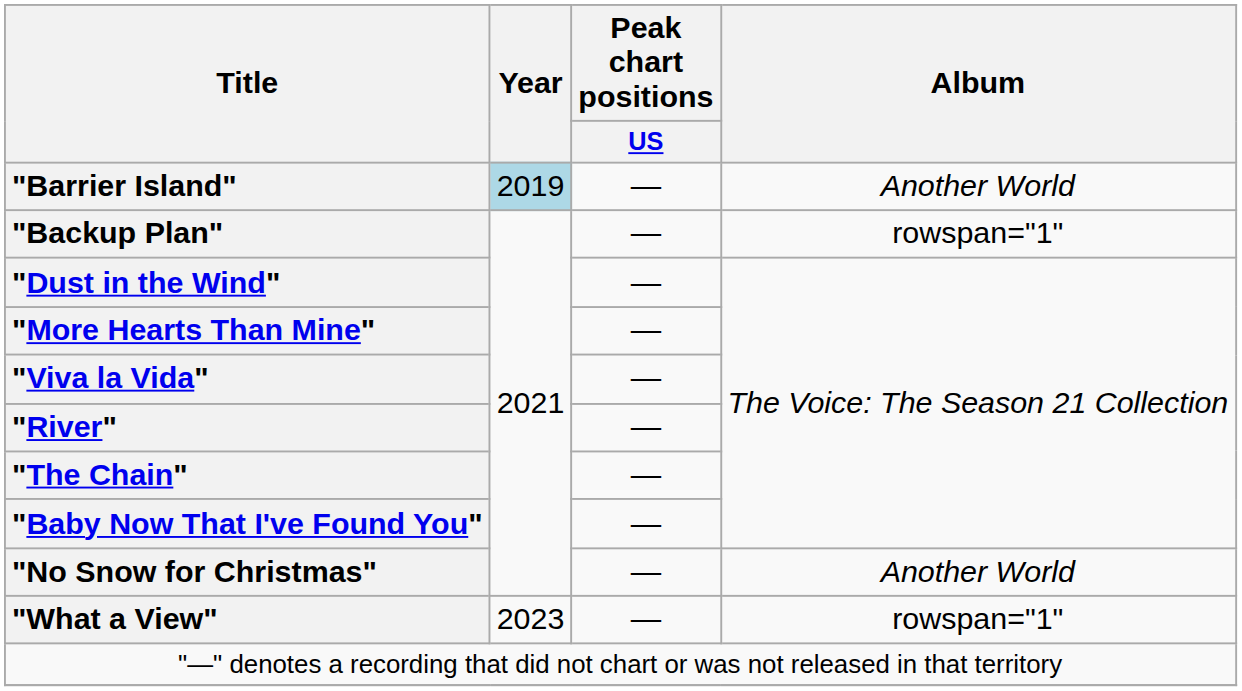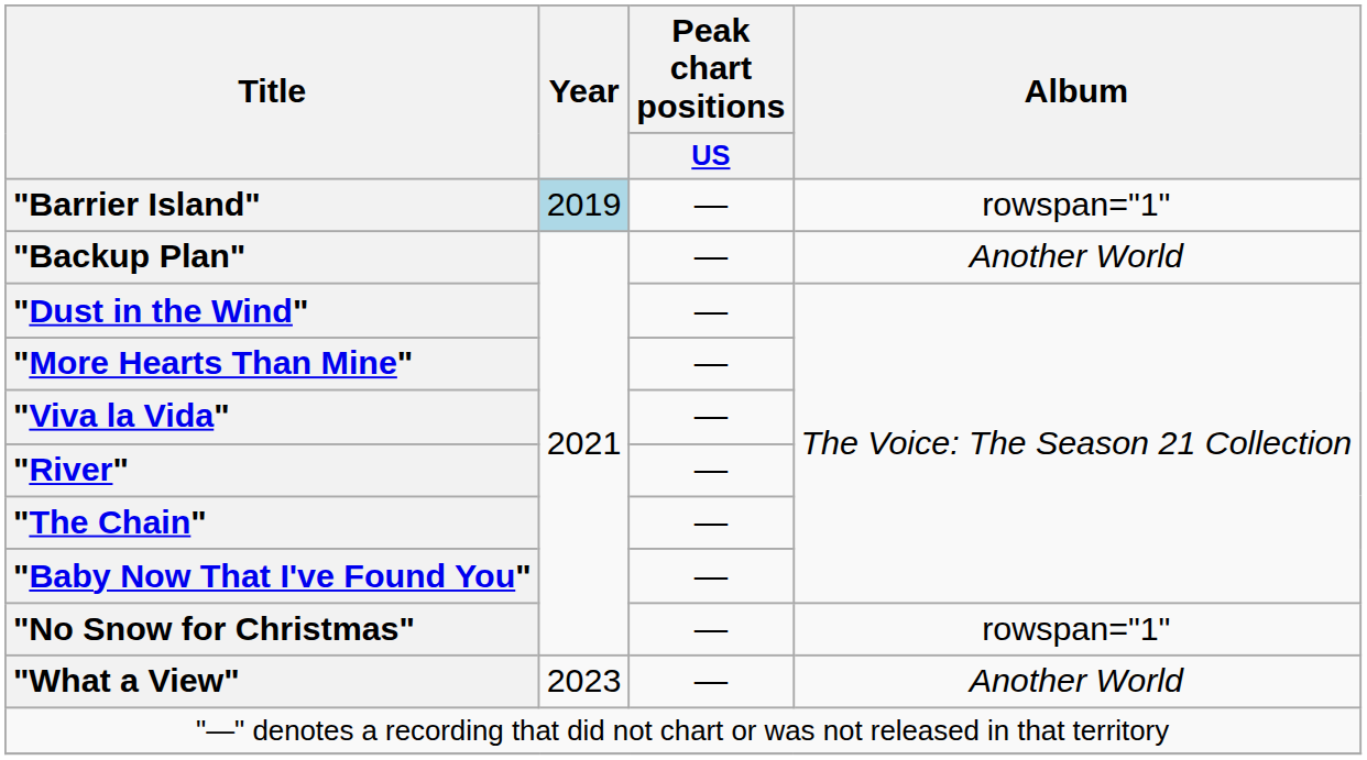 <table class="wikitable plainrowheaders" style="text-align:center;">
 <tr>
 <th rowspan="2" scope="col">Title</th>
 <th rowspan="2" scope="col">Year</th>
 <th scope="col">Peak chart positions</th>
 <th rowspan="2" scope="col">Album</th>
 </tr>
 <tr style="font-size:smaller;">
 <th style="width:50px;"><a href='#'>US</a></th>
 </tr>
 <tr>
 <th scope="row"; style="text-align:left;">"Barrier Island"</th>
 <td style="background: lightblue;">2019</td>
 <td>—</td>
-<td><em>Another World</em></td>
+<td>rowspan="1" </td>
 </tr>
 <tr>
 <th scope="row"; style="text-align:left;">"Backup Plan"</th>
 <td rowspan="8">2021</td>
 <td>—</td>
-<td>rowspan="1" </td>
+<td><em>Another World</em></td>
 </tr>
 <tr>
 <th scope="row"; style="text-align:left;">"<a href='#'>Dust in the Wind</a>"</th>
 <td>—</td>
 <td rowspan="6"><em>The Voice: The Season 21 Collection</em></td>
 </tr>
 <tr>
 <th scope="row"; style="text-align:left;">"<a href='#'>More Hearts Than Mine</a>"</th>
 <td>—</td>
 </tr>
 <tr>
 <th scope="row"; style="text-align:left;">"<a href='#'>Viva la Vida</a>"</th>
 <td>—</td>
 </tr>
 <tr>
 <th scope="row"; style="text-align:left;">"<a href='#'>River</a>"</th>
 <td>—</td>
 </tr>
 <tr>
 <th scope="row"; style="text-align:left;">"<a href='#'>The Chain</a>"</th>
 <td>—</td>
 </tr>
 <tr>
 <th scope="row"; style="text-align:left;">"<a href='#'>Baby Now That I've Found You</a>"</th>
 <td>—</td>
 </tr>
 <tr>
 <th scope="row"; style="text-align:left;">"No Snow for Christmas"</th>
 <td>—</td>
-<td><em>Another World</em></td>
+<td>rowspan="1" </td>
 </tr>
 <tr>
 <th scope="row"; style="text-align:left;">"What a View"</th>
 <td>2023</td>
 <td>—</td>
-<td>rowspan="1" </td>
+<td><em>Another World</em></td>
 </tr>
 <tr>
 <td colspan="4" style="font-size:85%">"—" denotes a recording that did not chart or was not released in that territory</td>
 </tr>
 <tr>
 </tr>
 </table>
